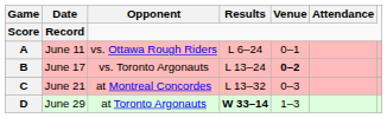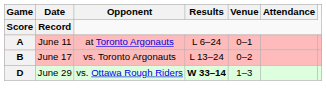 <table class="wikitable" style="text-align:center">
 <tr>
 <th>Game</th>
 <th>Date</th>
 <th>Opponent</th>
 <th>Results</th>
 <th>Venue</th>
 <th>Attendance</th>
 </tr>
 <tr>
 <th>Score</th>
 <th>Record</th>
 </tr>
 <tr style="background:#ffbbbb">
 <th>A</th>
 <td>June 11</td>
-<td>vs. <a href='#'>Ottawa Rough Riders</a></td>
+<td>at <a href='#'>Toronto Argonauts</a></td>
 <td>L 6–24</td>
 <td>0–1</td>
 <td></td>
 <td></td>
 </tr>
 <tr style="background:#ffbbbb">
 <th>B</th>
 <td>June 17</td>
 <td>vs. Toronto Argonauts</td>
 <td>L 13–24</td>
-<td><strong>0–2</strong></td>
-<td></td>
-<td></td>
-</tr>
-<tr style="background:#ffbbbb">
-<th>C</th>
-<td>June 21</td>
-<td>at <a href='#'>Montreal Concordes</a></td>
-<td>L 13–32</td>
-<td>0–3</td>
+<td>0–2</td>
 <td></td>
 <td></td>
 </tr>
 <tr style="background:#ddffdd">
 <th>D</th>
 <td>June 29</td>
-<td>at <a href='#'>Toronto Argonauts</a></td>
+<td>vs. <a href='#'>Ottawa Rough Riders</a></td>
 <td><strong>W 33–14</strong></td>
 <td>1–3</td>
 <td></td>
 <td></td>
 </tr>
 </table>
